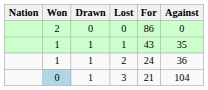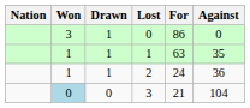 <table class="wikitable" border="1" style="text-align: center; width:50%">
 <tr>
 <th>Nation</th>
 <th>Won</th>
 <th>Drawn</th>
 <th>Lost</th>
 <th>For</th>
 <th>Against</th>
 </tr>
 <tr bgcolor=ccffcc>
 <td align=left></td>
-<td>2</td>
-<td>0</td>
+<td>3</td>
+<td>1</td>
 <td>0</td>
 <td>86</td>
 <td>0</td>
 </tr>
 <tr bgcolor=ccffcc>
 <td align=left></td>
 <td>1</td>
 <td>1</td>
 <td>1</td>
-<td>43</td>
+<td>63</td>
 <td>35</td>
 </tr>
 <tr>
 <td align=left></td>
 <td>1</td>
 <td>1</td>
 <td>2</td>
 <td>24</td>
 <td>36</td>
 </tr>
 <tr>
 <td align=left></td>
 <td style="background: lightblue;">0</td>
-<td>1</td>
+<td>0</td>
 <td>3</td>
 <td>21</td>
 <td>104</td>
 </tr>
 </table>
